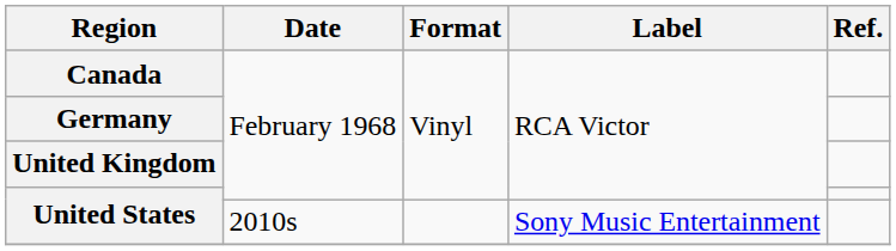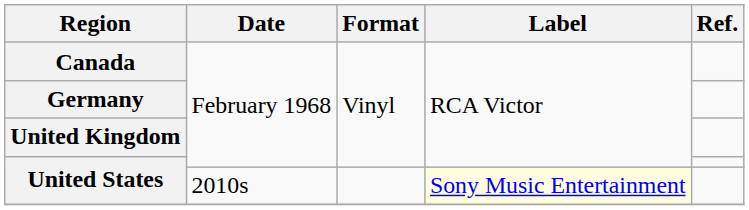 <table class="wikitable plainrowheaders">
 <tr>
 <th scope="col">Region</th>
 <th scope="col">Date</th>
 <th scope="col">Format</th>
 <th scope="col">Label</th>
 <th scope="col">Ref.</th>
 </tr>
 <tr>
 <th scope="row">Canada</th>
 <td rowspan="4">February 1968</td>
 <td rowspan="4">Vinyl</td>
 <td rowspan="4">RCA Victor</td>
 <td></td>
 </tr>
 <tr>
 <th scope="row">Germany</th>
 <td></td>
 </tr>
 <tr>
 <th scope="row">United Kingdom</th>
 <td></td>
 </tr>
 <tr>
 <th scope="row" rowspan="2">United States</th>
 <td></td>
 </tr>
 <tr>
 <td>2010s</td>
 <td></td>
-<td><a href='#'>Sony Music Entertainment</a></td>
+<td style="background: lightyellow;"><a href='#'>Sony Music Entertainment</a></td>
 <td></td>
 </tr>
 <tr>
 </tr>
 </table>
